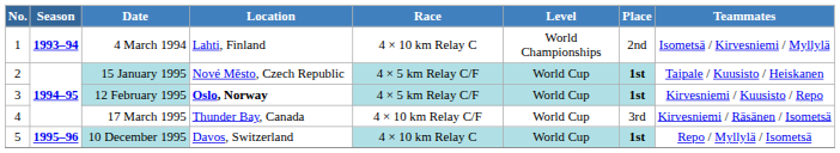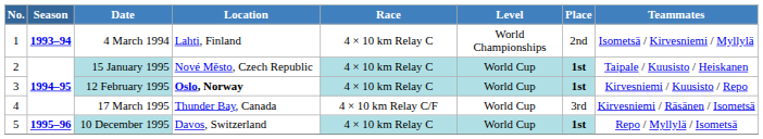 <table class="wikitable sortable" style="font-size:95%; text-align:center; border:grey solid 1px; border-collapse:collapse; background:#ffffff;">
 <tr style="background:#efefef;">
 <th style="background-color:#369; color:white;">No.</th>
 <th style="background-color:#369; color:white;">Season</th>
 <th style="background-color:#4180be; color:white; width:120px;">Date</th>
 <th style="background-color:#4180be; color:white; width:185px;">Location</th>
 <th style="background-color:#4180be; color:white; width:170px;">Race</th>
 <th style="background-color:#4180be; color:white; width:130px;">Level</th>
 <th style="background-color:#4180be; color:white;">Place</th>
 <th style="background-color:#4180be; color:white;">Teammates</th>
 </tr>
 <tr>
 <td align=center>1</td>
 <td rowspan=1 align=center><strong><a href='#'>1993–94</a></strong></td>
 <td align=right>4 March 1994</td>
 <td align=left> <a href='#'>Lahti</a>, Finland</td>
 <td>4 × 10 km Relay C</td>
 <td>World Championships</td>
 <td>2nd</td>
 <td><a href='#'>Isometsä</a> / <a href='#'>Kirvesniemi</a> / <a href='#'>Myllylä</a></td>
 </tr>
 <tr>
 <td align=center>2</td>
 <td rowspan=3 align=center><strong><a href='#'>1994–95</a></strong></td>
 <td bgcolor="#BOEOE6" align=right>15 January 1995</td>
 <td align=left> <a href='#'>Nové Město</a>, Czech Republic</td>
-<td bgcolor="#BOEOE6">4 × 5 km Relay C/F</td>
+<td bgcolor="#BOEOE6">4 × 10 km Relay C</td>
 <td bgcolor="#BOEOE6">World Cup</td>
 <td bgcolor="#BOEOE6"><strong>1st</strong></td>
 <td><a href='#'>Taipale</a> / <a href='#'>Kuusisto</a> / <a href='#'>Heiskanen</a></td>
 </tr>
 <tr>
 <td align=center>3</td>
 <td bgcolor="#BOEOE6" align=right>12 February 1995</td>
 <td align=left><strong> <a href='#'>Oslo</a>, Norway</strong></td>
-<td bgcolor="#BOEOE6">4 × 5 km Relay C/F</td>
+<td bgcolor="#BOEOE6">4 × 10 km Relay C</td>
 <td bgcolor="#BOEOE6">World Cup</td>
 <td bgcolor="#BOEOE6"><strong>1st</strong></td>
 <td><a href='#'>Kirvesniemi</a> / <a href='#'>Kuusisto</a> / <a href='#'>Repo</a></td>
 </tr>
 <tr>
 <td align=center>4</td>
 <td align=right>17 March 1995</td>
 <td align=left> <a href='#'>Thunder Bay</a>, Canada</td>
 <td>4 × 10 km Relay C/F</td>
 <td>World Cup</td>
 <td>3rd</td>
 <td><a href='#'>Kirvesniemi</a> / <a href='#'>Räsänen</a> / <a href='#'>Isometsä</a></td>
 </tr>
 <tr>
 <td align=center>5</td>
 <td rowspan=1 align=center><strong><a href='#'>1995–96</a></strong></td>
 <td bgcolor="#BOEOE6" align=right>10 December 1995</td>
 <td align=left> <a href='#'>Davos</a>, Switzerland</td>
 <td bgcolor="#BOEOE6">4 × 10 km Relay C</td>
 <td bgcolor="#BOEOE6">World Cup</td>
 <td bgcolor="#BOEOE6"><strong>1st</strong></td>
 <td><a href='#'>Repo</a> / <a href='#'>Myllylä</a> / <a href='#'>Isometsä</a></td>
 </tr>
 <tr>
 </tr>
 </table>
